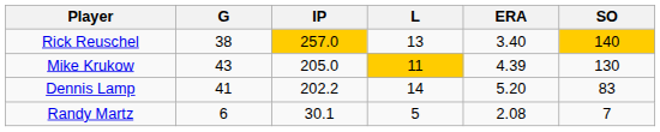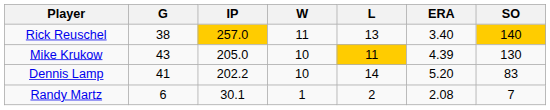 <table class="wikitable sortable">
 <tr>
 <th bgcolor="#DDDDFF" width="16%">Player</th>
 <th bgcolor="#DDDDFF" width="9%">G</th>
 <th bgcolor="#DDDDFF" width="9%">IP</th>
+<th bgcolor="#DDDDFF" width="9%">W</th>
 <th bgcolor="#DDDDFF" width="9%">L</th>
 <th bgcolor="#DDDDFF" width="9%">ERA</th>
 <th bgcolor="#DDDDFF" width="9%">SO</th>
 </tr>
 <tr align="center">
 <td><a href='#'>Rick Reuschel</a></td>
 <td>38</td>
 <td style="background:#fc0;">257.0</td>
+<td>11</td>
 <td>13</td>
 <td>3.40</td>
 <td style="background:#fc0;">140</td>
 </tr>
 <tr align=center>
 <td><a href='#'>Mike Krukow</a></td>
 <td>43</td>
 <td>205.0</td>
+<td>10</td>
 <td style="background:#fc0;">11</td>
 <td>4.39</td>
 <td>130</td>
 </tr>
 <tr align=center>
 <td><a href='#'>Dennis Lamp</a></td>
 <td>41</td>
 <td>202.2</td>
+<td>10</td>
 <td>14</td>
 <td>5.20</td>
 <td>83</td>
 </tr>
 <tr align=center>
 <td><a href='#'>Randy Martz</a></td>
 <td>6</td>
 <td>30.1</td>
-<td>5</td>
+<td>1</td>
+<td>2</td>
 <td>2.08</td>
 <td>7</td>
 </tr>
 </table>
